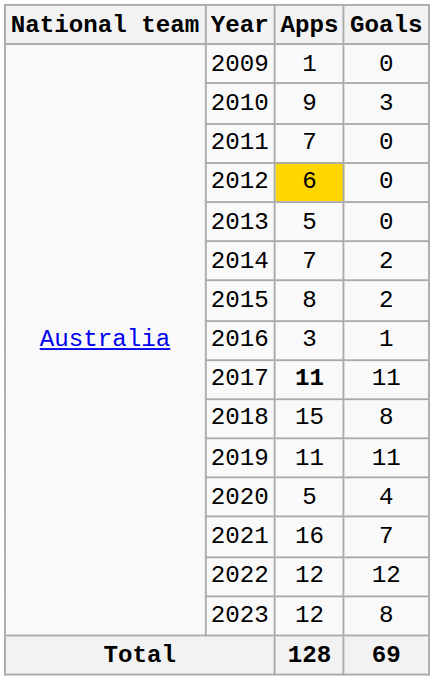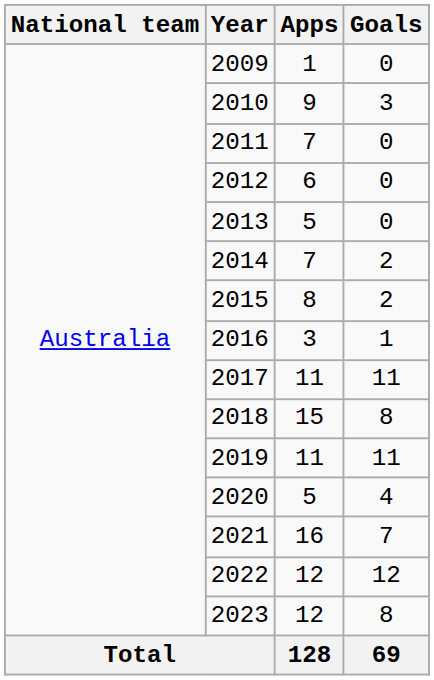 <table class="wikitable" style="text-align:center">
 <tr>
 <th>National team</th>
 <th>Year</th>
 <th>Apps</th>
 <th>Goals</th>
 </tr>
 <tr>
 <td rowspan="15"><a href='#'>Australia</a></td>
 <td>2009</td>
 <td>1</td>
 <td>0</td>
 </tr>
 <tr>
 <td>2010</td>
 <td>9</td>
 <td>3</td>
 </tr>
 <tr>
 <td>2011</td>
 <td>7</td>
 <td>0</td>
 </tr>
 <tr>
 <td>2012</td>
-<td style="background: gold;">6</td>
+<td>6</td>
 <td>0</td>
 </tr>
 <tr>
 <td>2013</td>
 <td>5</td>
 <td>0</td>
 </tr>
 <tr>
 <td>2014</td>
 <td>7</td>
 <td>2</td>
 </tr>
 <tr>
 <td>2015</td>
 <td>8</td>
 <td>2</td>
 </tr>
 <tr>
 <td>2016</td>
 <td>3</td>
 <td>1</td>
 </tr>
 <tr>
 <td>2017</td>
-<td><strong>11</strong></td>
+<td>11</td>
 <td>11</td>
 </tr>
 <tr>
 <td>2018</td>
 <td>15</td>
 <td>8</td>
 </tr>
 <tr>
 <td>2019</td>
 <td>11</td>
 <td>11</td>
 </tr>
 <tr>
 <td>2020</td>
 <td>5</td>
 <td>4</td>
 </tr>
 <tr>
 <td>2021</td>
 <td>16</td>
 <td>7</td>
 </tr>
 <tr>
 <td>2022</td>
 <td>12</td>
 <td>12</td>
 </tr>
 <tr>
 <td>2023</td>
 <td>12</td>
 <td>8</td>
 </tr>
 <tr>
 <th colspan="2">Total</th>
 <th>128</th>
 <th>69</th>
 </tr>
 </table>
